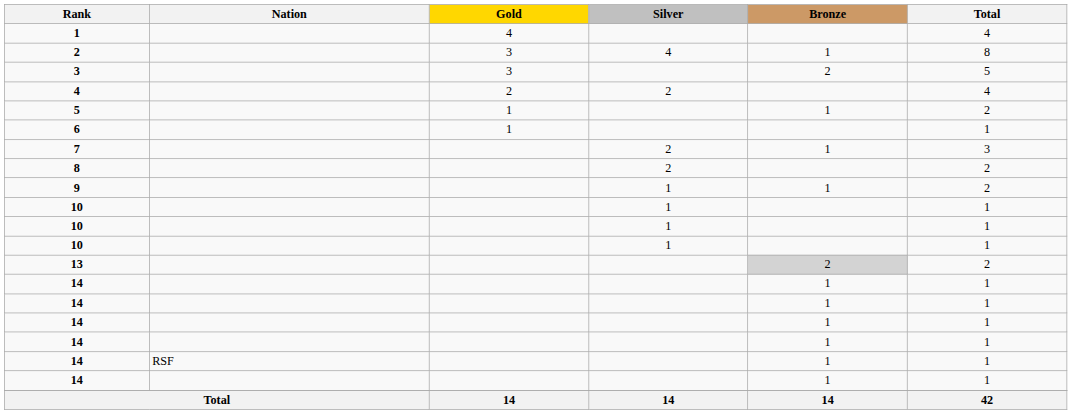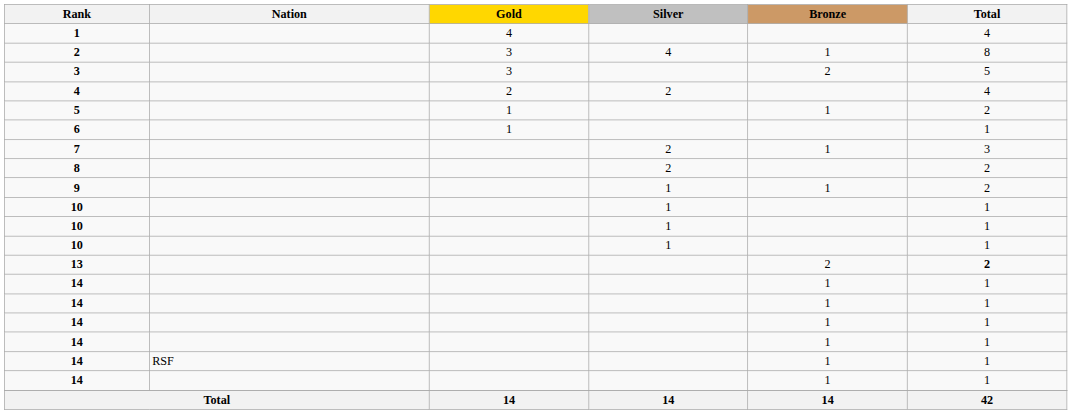 <table class="wikitable collapsible autocollapse plainrowheaders" width=70.5% style="text-align:center;">
 <tr style="background-color:#EDEDED;">
 <th width=100px class="hintergrundfarbe5">Rank</th>
 <th width=200px class="hintergrundfarbe6">Nation</th>
 <th style="background:    gold; width:15%">Gold</th>
 <th style="background:  silver; width:15%">Silver</th>
 <th style="background: #CC9966; width:15%">Bronze</th>
 <th class="hintergrundfarbe6" style="width:15%">Total</th>
 </tr>
 <tr>
 <td><strong>1</strong></td>
 <td align=left></td>
 <td>4</td>
 <td></td>
 <td></td>
 <td>4</td>
 </tr>
 <tr>
 <td><strong>2</strong></td>
 <td align=left></td>
 <td>3</td>
 <td>4</td>
 <td>1</td>
 <td>8</td>
 </tr>
 <tr>
 <td><strong>3</strong></td>
 <td align=left></td>
 <td>3</td>
 <td></td>
 <td>2</td>
 <td>5</td>
 </tr>
 <tr>
 <td><strong>4</strong></td>
 <td align=left></td>
 <td>2</td>
 <td>2</td>
 <td></td>
 <td>4</td>
 </tr>
 <tr>
 <td><strong>5</strong></td>
 <td align=left></td>
 <td>1</td>
 <td></td>
 <td>1</td>
 <td>2</td>
 </tr>
 <tr>
 <td><strong>6</strong></td>
 <td align=left></td>
 <td>1</td>
 <td></td>
 <td></td>
 <td>1</td>
 </tr>
 <tr>
 <td><strong>7</strong></td>
 <td align=left></td>
 <td></td>
 <td>2</td>
 <td>1</td>
 <td>3</td>
 </tr>
 <tr>
 <td><strong>8</strong></td>
 <td align=left></td>
 <td></td>
 <td>2</td>
 <td></td>
 <td>2</td>
 </tr>
 <tr>
 <td><strong>9</strong></td>
 <td align=left></td>
 <td></td>
 <td>1</td>
 <td>1</td>
 <td>2</td>
 </tr>
 <tr>
 <td><strong>10</strong></td>
 <td align=left></td>
 <td></td>
 <td>1</td>
 <td></td>
 <td>1</td>
 </tr>
 <tr>
 <td><strong>10</strong></td>
 <td align=left></td>
 <td></td>
 <td>1</td>
 <td></td>
 <td>1</td>
 </tr>
 <tr>
 <td><strong>10</strong></td>
 <td align=left></td>
 <td></td>
 <td>1</td>
 <td></td>
 <td>1</td>
 </tr>
 <tr>
 <td><strong>13</strong></td>
 <td align=left></td>
 <td></td>
 <td></td>
-<td style="background: lightgrey;">2</td>
 <td>2</td>
+<td><strong>2</strong></td>
 </tr>
 <tr>
 <td><strong>14</strong></td>
 <td align=left></td>
 <td></td>
 <td></td>
 <td>1</td>
 <td>1</td>
 </tr>
 <tr>
 <td><strong>14</strong></td>
 <td align=left></td>
 <td></td>
 <td></td>
 <td>1</td>
 <td>1</td>
 </tr>
 <tr>
 <td><strong>14</strong></td>
 <td align=left></td>
 <td></td>
 <td></td>
 <td>1</td>
 <td>1</td>
 </tr>
 <tr>
 <td><strong>14</strong></td>
 <td align=left></td>
 <td></td>
 <td></td>
 <td>1</td>
 <td>1</td>
 </tr>
 <tr>
 <td><strong>14</strong></td>
 <td align=left>RSF</td>
 <td></td>
 <td></td>
 <td>1</td>
 <td>1</td>
 </tr>
 <tr>
 <td><strong>14</strong></td>
 <td align=left></td>
 <td></td>
 <td></td>
 <td>1</td>
 <td>1</td>
 </tr>
 <tr>
 </tr>
 <tr>
 <th colspan=2>Total</th>
 <th>14</th>
 <th>14</th>
 <th>14</th>
 <th>42</th>
 </tr>
 </table>
